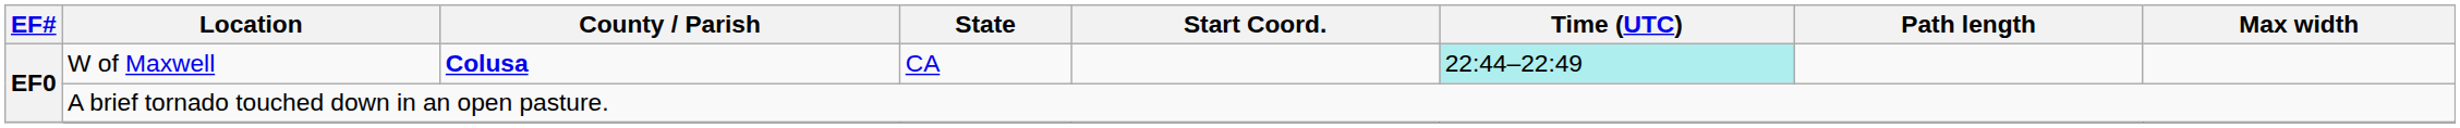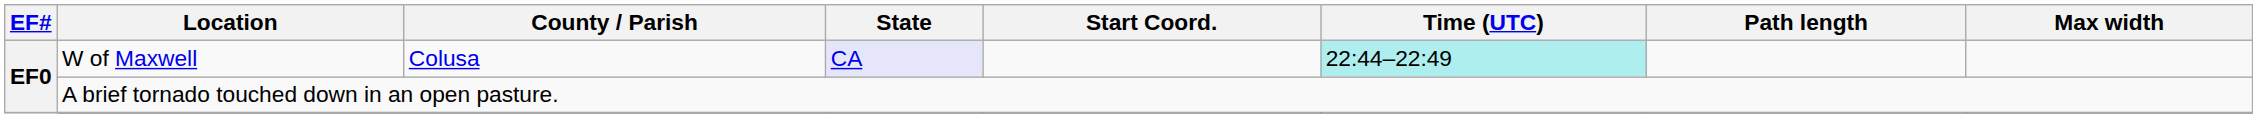 <table class="wikitable sortable" style="width:100%;">
 <tr>
 <th scope="col" width="2%" align="center"><a href='#'>EF#</a></th>
 <th scope="col" align="center" class="unsortable">Location</th>
 <th scope="col" align="center" class="unsortable">County / Parish</th>
 <th scope="col" align="center">State</th>
 <th scope="col" align="center">Start Coord.</th>
 <th scope="col" align="center">Time (<a href='#'>UTC</a>)</th>
 <th scope="col" align="center">Path length</th>
 <th scope="col" align="center">Max width</th>
 </tr>
 <tr>
 <th scope="row" rowspan="2" style="background-color:#">EF0</th>
 <td>W of <a href='#'>Maxwell</a></td>
-<td><strong><a href='#'>Colusa</a></strong></td>
-<td><a href='#'>CA</a></td>
+<td><a href='#'>Colusa</a></td>
+<td style="background: lavender;"><a href='#'>CA</a></td>
 <td></td>
 <td style="background: paleturquoise;">22:44–22:49</td>
 <td></td>
 <td></td>
 </tr>
 <tr class="expand-child">
 <td colspan="8" style=" border-bottom: 1px solid black;">A brief tornado touched down in an open pasture.</td>
 </tr>
 <tr>
 </tr>
 </table>
